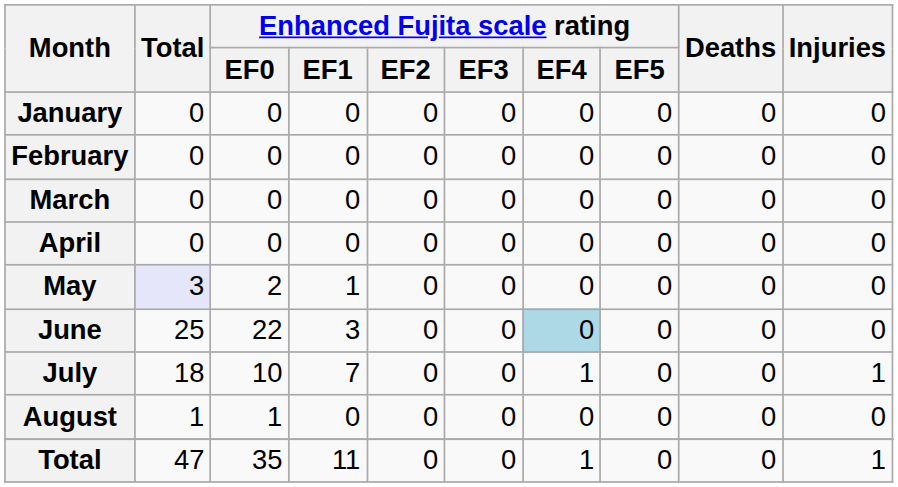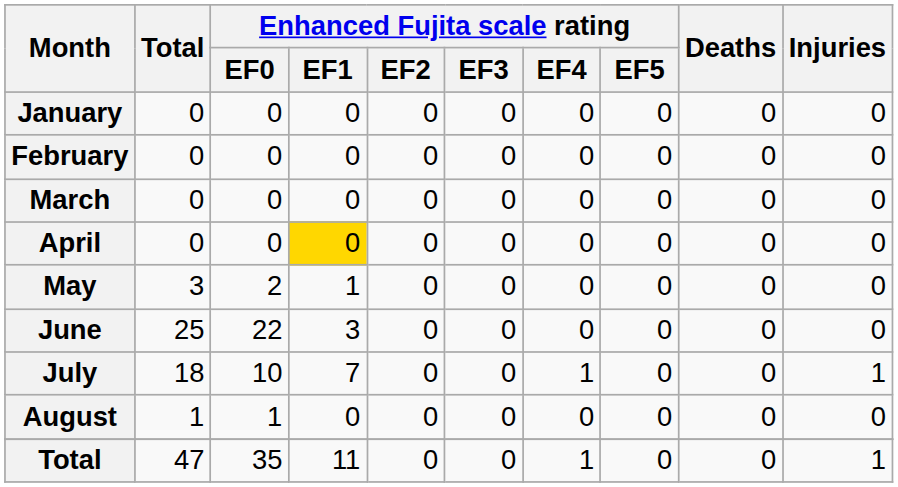 <table class="wikitable sortable" style="margin: 1em auto 1em auto;">
 <tr>
 <th scope="col" rowspan="2">Month</th>
 <th scope="col" rowspan="2" align="center">Total</th>
 <th scope="col" colspan="6" align="center"><a href='#'>Enhanced Fujita scale</a> rating</th>
 <th scope="col" rowspan="2" align="center">Deaths</th>
 <th scope="col" rowspan="2" align="center">Injuries</th>
 </tr>
 <tr>
 <th scope="col" align="center"> EF0 </th>
 <th scope="col" align="center"> EF1 </th>
 <th scope="col" align="center"> EF2 </th>
 <th scope="col" align="center"> EF3 </th>
 <th scope="col" align="center"> EF4 </th>
 <th scope="col" align="center"> EF5 </th>
 </tr>
 <tr>
 <th scope="row">January</th>
 <td align="right">0</td>
 <td align="right">0</td>
 <td align="right">0</td>
 <td align="right">0</td>
 <td align="right">0</td>
 <td align="right">0</td>
 <td align="right">0</td>
 <td align="right">0</td>
 <td align="right">0</td>
 </tr>
 <tr>
 <th scope="row">February</th>
 <td align="right">0</td>
 <td align="right">0</td>
 <td align="right">0</td>
 <td align="right">0</td>
 <td align="right">0</td>
 <td align="right">0</td>
 <td align="right">0</td>
 <td align="right">0</td>
 <td align="right">0</td>
 </tr>
 <tr>
 <th scope="row">March</th>
 <td align="right">0</td>
 <td align="right">0</td>
 <td align="right">0</td>
 <td align="right">0</td>
 <td align="right">0</td>
 <td align="right">0</td>
 <td align="right">0</td>
 <td align="right">0</td>
 <td align="right">0</td>
 </tr>
 <tr>
 <th scope="row">April</th>
 <td align="right">0</td>
 <td align="right">0</td>
-<td align="right">0</td>
+<td align="right" style="background: gold;">0</td>
 <td align="right">0</td>
 <td align="right">0</td>
 <td align="right">0</td>
 <td align="right">0</td>
 <td align="right">0</td>
 <td align="right">0</td>
 </tr>
 <tr>
 <th scope="row">May</th>
-<td align="right" style="background: lavender;">3</td>
+<td align="right">3</td>
 <td align="right">2</td>
 <td align="right">1</td>
 <td align="right">0</td>
 <td align="right">0</td>
 <td align="right">0</td>
 <td align="right">0</td>
 <td align="right">0</td>
 <td align="right">0</td>
 </tr>
 <tr>
 <th scope="row">June</th>
 <td align="right">25</td>
 <td align="right">22</td>
 <td align="right">3</td>
 <td align="right">0</td>
 <td align="right">0</td>
-<td align="right" style="background: lightblue;">0</td>
+<td align="right">0</td>
 <td align="right">0</td>
 <td align="right">0</td>
 <td align="right">0</td>
 </tr>
 <tr>
 <th scope="row">July</th>
 <td align="right">18</td>
 <td align="right">10</td>
 <td align="right">7</td>
 <td align="right">0</td>
 <td align="right">0</td>
 <td align="right">1</td>
 <td align="right">0</td>
 <td align="right">0</td>
 <td align="right">1</td>
 </tr>
 <tr>
 <th scope="row">August</th>
 <td align="right">1</td>
 <td align="right">1</td>
 <td align="right">0</td>
 <td align="right">0</td>
 <td align="right">0</td>
 <td align="right">0</td>
 <td align="right">0</td>
 <td align="right">0</td>
 <td align="right">0</td>
 </tr>
 <tr>
 </tr>
 <tr class="sortbottom">
 <th scope="row">Total</th>
 <td align="right">47</td>
 <td align="right">35</td>
 <td align="right">11</td>
 <td align="right">0</td>
 <td align="right">0</td>
 <td align="right">1</td>
 <td align="right">0</td>
 <td align="right">0</td>
 <td align="right">1</td>
 </tr>
 </table>
